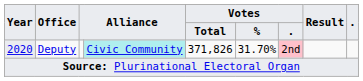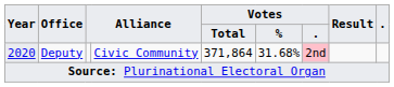 <table class="wikitable" style="font-size:90%; text-align:center;">
 <tr>
 <th style="background-color:#EAECF0;" rowspan=2>Year</th>
 <th style="background-color:#EAECF0;" rowspan=2>Office</th>
 <th style="background-color:#EAECF0;" colspan=2 rowspan=2>Alliance</th>
 <th style="background-color:#EAECF0;" colspan=3>Votes</th>
 <th style="background-color:#EAECF0;" rowspan=2>Result</th>
 <th style="background-color:#EAECF0;" rowspan=2>.</th>
 </tr>
 <tr>
 <th style="background-color:#EAECF0;">Total</th>
 <th style="background-color:#EAECF0;">%</th>
 <th style="background-color:#EAECF0;">.</th>
 </tr>
 <tr>
 <td style="background-color:#EAECF0;"><a href='#'>2020</a></td>
 <td><a href='#'>Deputy</a></td>
 <td style="background-color:"></td>
-<td style="background: paleturquoise;"><a href='#'>Civic Community</a></td>
-<td>371,826</td>
-<td>31.70%</td>
+<td><a href='#'>Civic Community</a></td>
+<td>371,864</td>
+<td>31.68%</td>
 <td style="background: pink;">2nd</td>
 <td></td>
 <td></td>
 </tr>
 <tr>
 <td style="background-color:#EAECF0;" colspan=9><strong>Source:</strong> <a href='#'>Plurinational Electoral Organ</a>  </td>
 </tr>
 </table>
